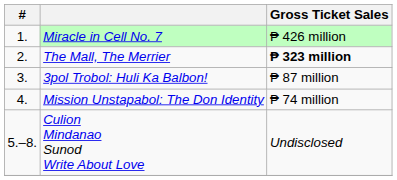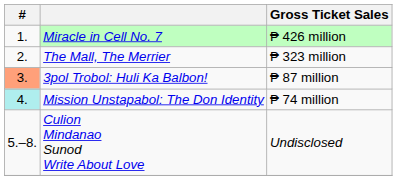 <table class="wikitable sortable" style="text align: center">
 <tr bgcolor="#efefef">
 <th class="unsortable">#</th>
 <th></th>
 <th>Gross Ticket Sales</th>
 </tr>
 <tr>
 <td align=center>1.</td>
 <td style="background:#BFFFC0;"><em><a href='#'>Miracle in Cell No. 7</a></em></td>
 <td data-sort-value="1" style="background:#BFFFC0;">₱ 426 million</td>
 </tr>
 <tr>
 <td align=center>2.</td>
 <td><em><a href='#'>The Mall, The Merrier</a></em></td>
-<td data-sort-value="2"><strong>₱ 323 million</strong></td>
+<td data-sort-value="2">₱ 323 million</td>
 </tr>
 <tr>
-<td align=center>3.</td>
+<td align=center style="background: lightsalmon;">3.</td>
 <td><em><a href='#'>3pol Trobol: Huli Ka Balbon!</a></em></td>
 <td data-sort-value="3">₱ 87 million</td>
 </tr>
 <tr>
-<td align=center>4.</td>
+<td align=center style="background: paleturquoise;">4.</td>
 <td><em><a href='#'>Mission Unstapabol: The Don Identity</a></em></td>
 <td data-sort-value="4">₱ 74 million</td>
 </tr>
 <tr>
 <td align=center>5.–8.</td>
 <td><em><a href='#'>Culion</a></em><br><em><a href='#'>Mindanao</a></em><br><em>Sunod</em><br><em><a href='#'>Write About Love</a></em></td>
 <td><em>Undisclosed</em></td>
 </tr>
 <tr>
 </tr>
 </table>
